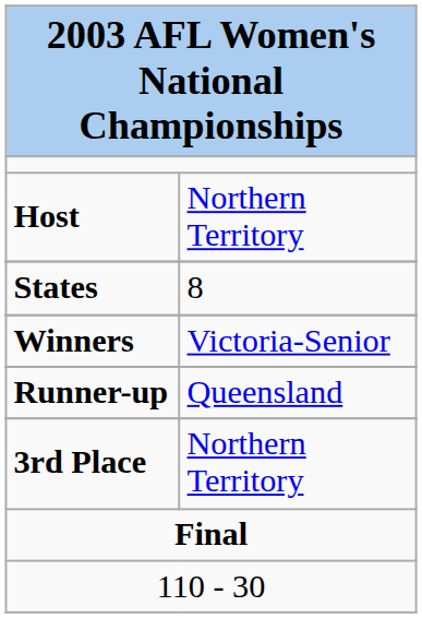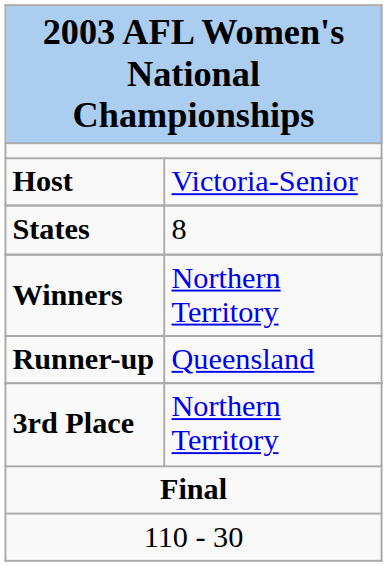 <table class="wikitable" align="right" width="200" style="margin-left:0.3em">
 <tr>
 <th style="background:#ABCDEF" align="center" colspan="2"><big>2003 AFL Women's National Championships</big></th>
 </tr>
 <tr>
 <td colspan="2" style="text-align: center;"></td>
 </tr>
 <tr>
 <td><strong>Host</strong></td>
-<td><a href='#'>Northern Territory</a></td>
+<td><a href='#'>Victoria-Senior</a></td>
 </tr>
 <tr style="text-align:center;">
 </tr>
 <tr>
 <td><strong>States</strong></td>
 <td>8</td>
 </tr>
 <tr style="text-align:center;">
 </tr>
 <tr>
 <td><strong>Winners</strong></td>
-<td><a href='#'>Victoria-Senior</a></td>
+<td><a href='#'>Northern Territory</a></td>
 </tr>
 <tr style="text-align:center;">
 </tr>
 <tr>
 <td><strong>Runner-up</strong></td>
 <td><a href='#'>Queensland</a></td>
 </tr>
 <tr style="text-align:center;">
 </tr>
 <tr>
 <td><strong>3rd Place</strong></td>
 <td><a href='#'>Northern Territory</a></td>
 </tr>
 <tr style="text-align:center;">
 <td colspan="2"><strong>Final</strong></td>
 </tr>
 <tr style="text-align:center;">
 <td colspan="2">110 - 30</td>
 </tr>
 </table>
